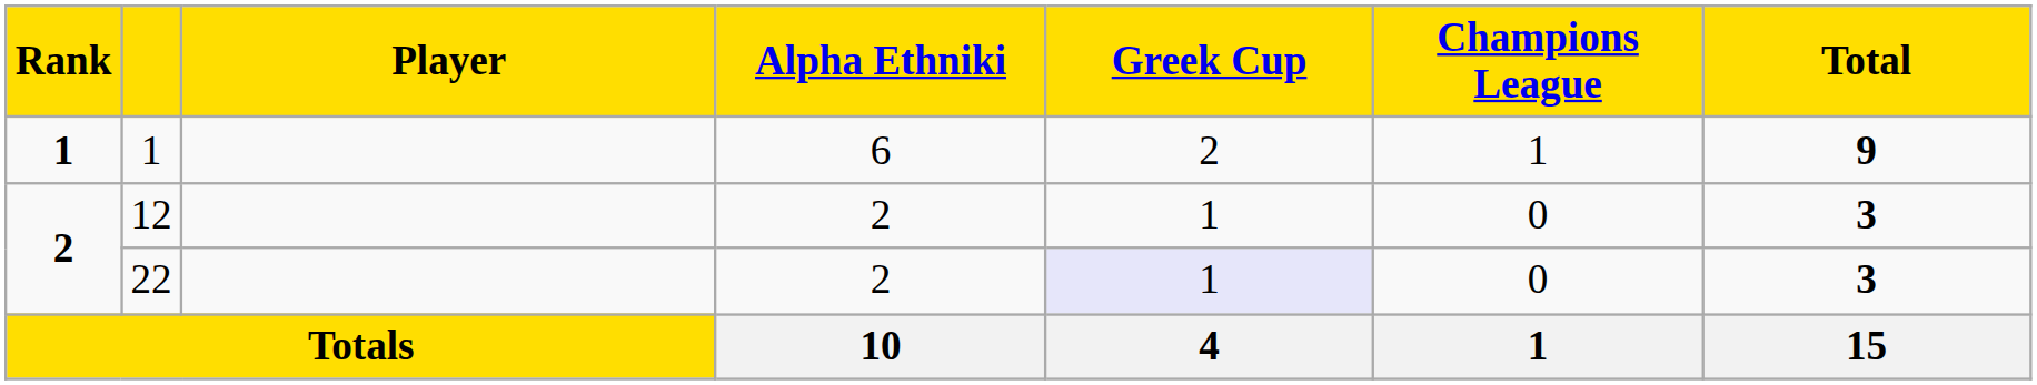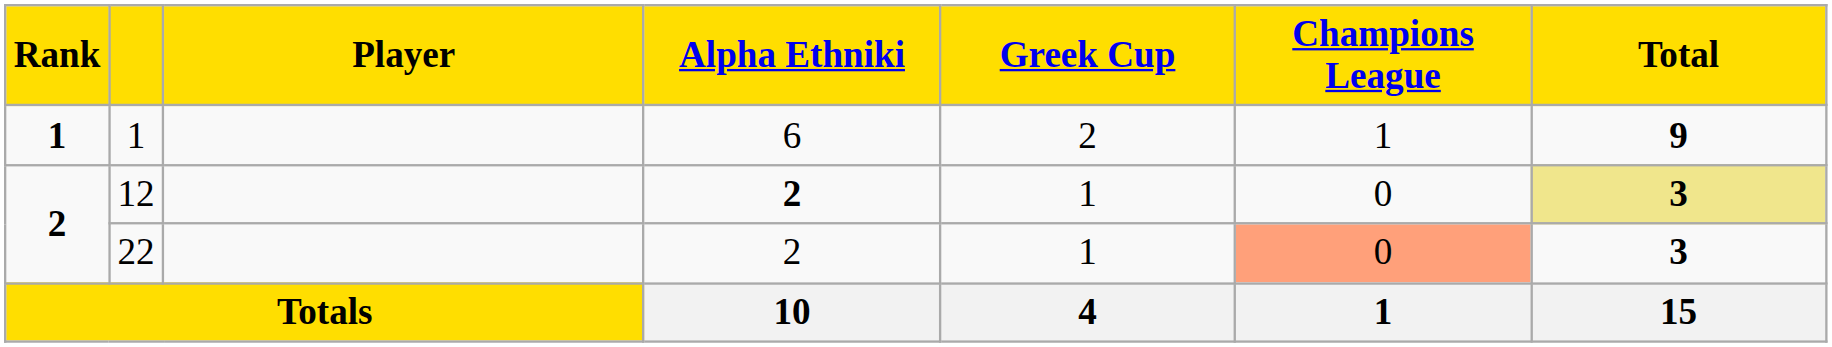 <table class="wikitable sortable" style="text-align:center">
 <tr>
 <th style="background:#FFDE00">Rank</th>
 <th style="background:#FFDE00"></th>
 <th width=200 style="background:#FFDE00">Player</th>
 <th width=120 style="background:#FFDE00"><a href='#'>Alpha Ethniki</a></th>
 <th width=120 style="background:#FFDE00"><a href='#'>Greek Cup</a></th>
 <th width=120 style="background:#FFDE00"><a href='#'>Champions League</a></th>
 <th width=120 style="background:#FFDE00">Total</th>
 </tr>
 <tr>
 <td><strong>1</strong></td>
 <td>1</td>
 <td align=left></td>
 <td>6</td>
 <td>2</td>
 <td>1</td>
 <td><strong>9</strong></td>
 </tr>
 <tr>
 <td rowspan=2><strong>2</strong></td>
 <td>12</td>
 <td align=left></td>
-<td>2</td>
+<td><strong>2</strong></td>
 <td>1</td>
 <td>0</td>
-<td><strong>3</strong></td>
+<td style="background: khaki;"><strong>3</strong></td>
 </tr>
 <tr>
 <td>22</td>
 <td align=left></td>
 <td>2</td>
-<td style="background: lavender;">1</td>
-<td>0</td>
+<td>1</td>
+<td style="background: lightsalmon;">0</td>
 <td><strong>3</strong></td>
 </tr>
 <tr class="sortbottom">
 <th colspan=3 style="background:#FFDE00"><strong>Totals</strong></th>
 <th><strong>10</strong></th>
 <th><strong> 4</strong></th>
 <th><strong> 1</strong></th>
 <th><strong>15</strong></th>
 </tr>
 </table>
